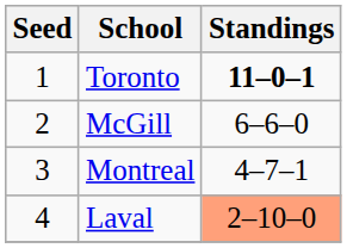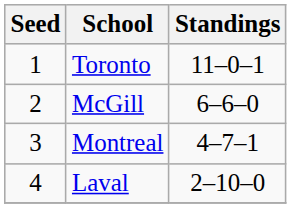 <table class="wikitable">
 <tr>
 <th>Seed</th>
 <th>School</th>
 <th>Standings</th>
 </tr>
 <tr>
 <td align=center>1</td>
 <td><a href='#'>Toronto</a></td>
-<td align=center><strong>11–0–1</strong></td>
+<td align=center>11–0–1</td>
 </tr>
 <tr>
 <td align=center>2</td>
 <td><a href='#'>McGill</a></td>
 <td align=center>6–6–0</td>
 </tr>
 <tr>
 <td align=center>3</td>
 <td><a href='#'>Montreal</a></td>
 <td align=center>4–7–1</td>
 </tr>
 <tr>
 <td align=center>4</td>
 <td><a href='#'>Laval</a></td>
-<td align=center style="background: lightsalmon;">2–10–0</td>
+<td align=center>2–10–0</td>
 </tr>
 <tr>
 </tr>
 </table>
